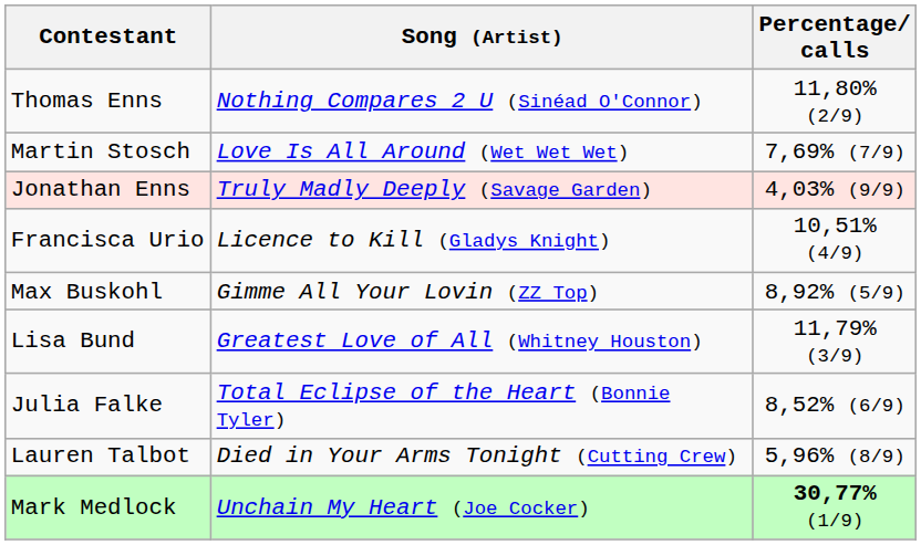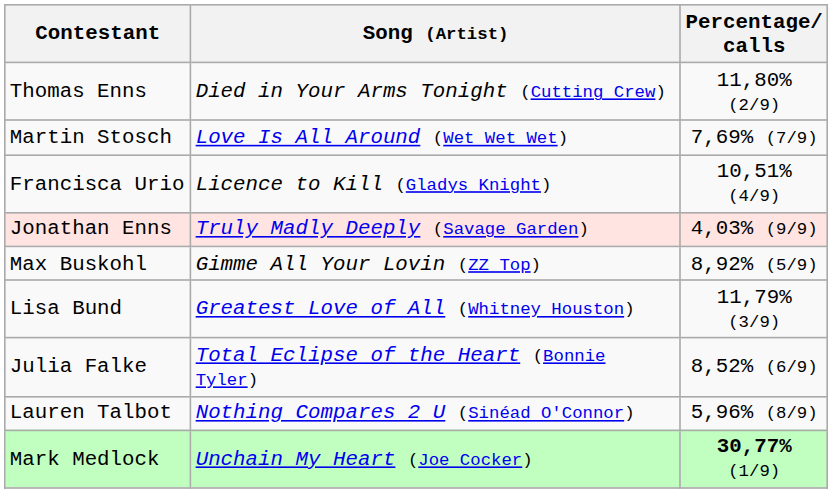 <table class="wikitable">
 <tr>
 <th width="110">Contestant</th>
 <th width="300">Song <small>(Artist)</small></th>
 <th width="28">Percentage/<br>calls</th>
 </tr>
 <tr>
 <td align="left">Thomas Enns</td>
-<td align="left"><em><a href='#'>Nothing Compares 2 U</a></em> <small>(<a href='#'>Sinéad O'Connor</a>)</small></td>
+<td align="left"><em>Died in Your Arms Tonight</em> <small>(<a href='#'>Cutting Crew</a>)</small></td>
 <td align="center">11,80% <small>(2/9)</small></td>
 </tr>
 <tr>
 <td align="left">Martin Stosch</td>
 <td align="left"><em><a href='#'>Love Is All Around</a></em> <small>(<a href='#'>Wet Wet Wet</a>)</small></td>
 <td align="center">7,69% <small>(7/9)</small></td>
 </tr>
+<tr>
+<td align="left">Francisca Urio</td>
+<td align="left"><em>Licence to Kill</em> <small>(<a href='#'>Gladys Knight</a>)</small></td>
+<td align="center">10,51% <small>(4/9)</small></td>
+</tr>
 <tr bgcolor="#FFE4E1">
 <td align="left">Jonathan Enns</td>
 <td align="left"><em><a href='#'>Truly Madly Deeply</a></em> <small>(<a href='#'>Savage Garden</a>)</small></td>
 <td align="center">4,03% <small>(9/9)</small></td>
-</tr>
-<tr>
-<td align="left">Francisca Urio</td>
-<td align="left"><em>Licence to Kill</em> <small>(<a href='#'>Gladys Knight</a>)</small></td>
-<td align="center">10,51% <small>(4/9)</small></td>
 </tr>
 <tr>
 <td align="left">Max Buskohl</td>
 <td align="left"><em>Gimme All Your Lovin</em> <small>(<a href='#'>ZZ Top</a>)</small></td>
 <td align="center">8,92% <small>(5/9)</small></td>
 </tr>
 <tr>
 <td align="left">Lisa Bund</td>
 <td align="left"><em><a href='#'>Greatest Love of All</a></em> <small>(<a href='#'>Whitney Houston</a>)</small></td>
 <td align="center">11,79% <small>(3/9)</small></td>
 </tr>
 <tr>
 <td align="left">Julia Falke</td>
 <td align="left"><em><a href='#'>Total Eclipse of the Heart</a></em> <small>(<a href='#'>Bonnie Tyler</a>)</small></td>
 <td align="center">8,52% <small>(6/9)</small></td>
 </tr>
 <tr>
 <td align="left">Lauren Talbot</td>
-<td align="left"><em>Died in Your Arms Tonight</em> <small>(<a href='#'>Cutting Crew</a>)</small></td>
+<td align="left"><em><a href='#'>Nothing Compares 2 U</a></em> <small>(<a href='#'>Sinéad O'Connor</a>)</small></td>
 <td align="center">5,96% <small>(8/9)</small></td>
 </tr>
 <tr bgcolor="#C1FFC1">
 <td align="left">Mark Medlock</td>
 <td align="left"><em><a href='#'>Unchain My Heart</a></em> <small>(<a href='#'>Joe Cocker</a>)</small></td>
 <td align="center"><strong>30,77%</strong> <small>(1/9)</small></td>
 </tr>
 </table>
